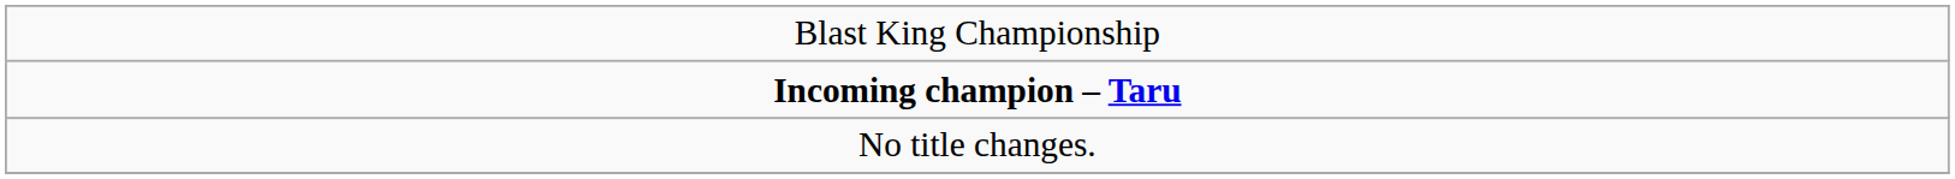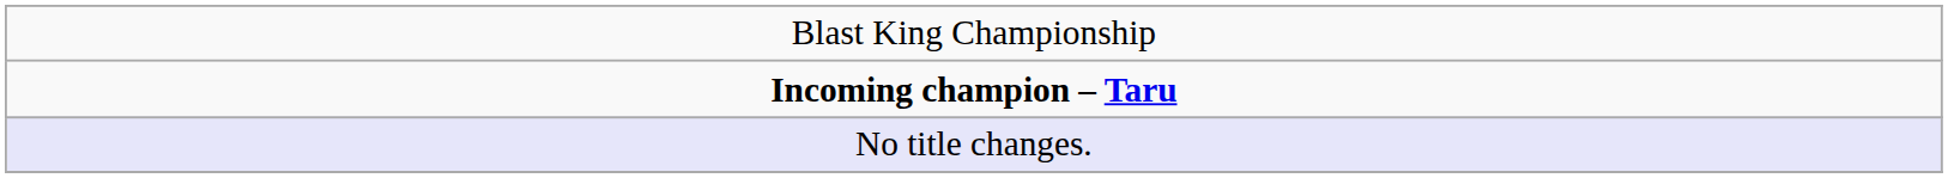 <table class="wikitable" style="text-align:center; width:100%;">
 <tr>
 <td colspan="4" style="text-align: center;">Blast King Championship</td>
 </tr>
 <tr>
 <td colspan="4" style="text-align: center;"><strong>Incoming champion –  <a href='#'>Taru</a></strong></td>
 </tr>
 <tr>
-<td>No title changes.</td>
+<td style="background: lavender;">No title changes.</td>
 </tr>
 <tr>
 </tr>
 </table>
